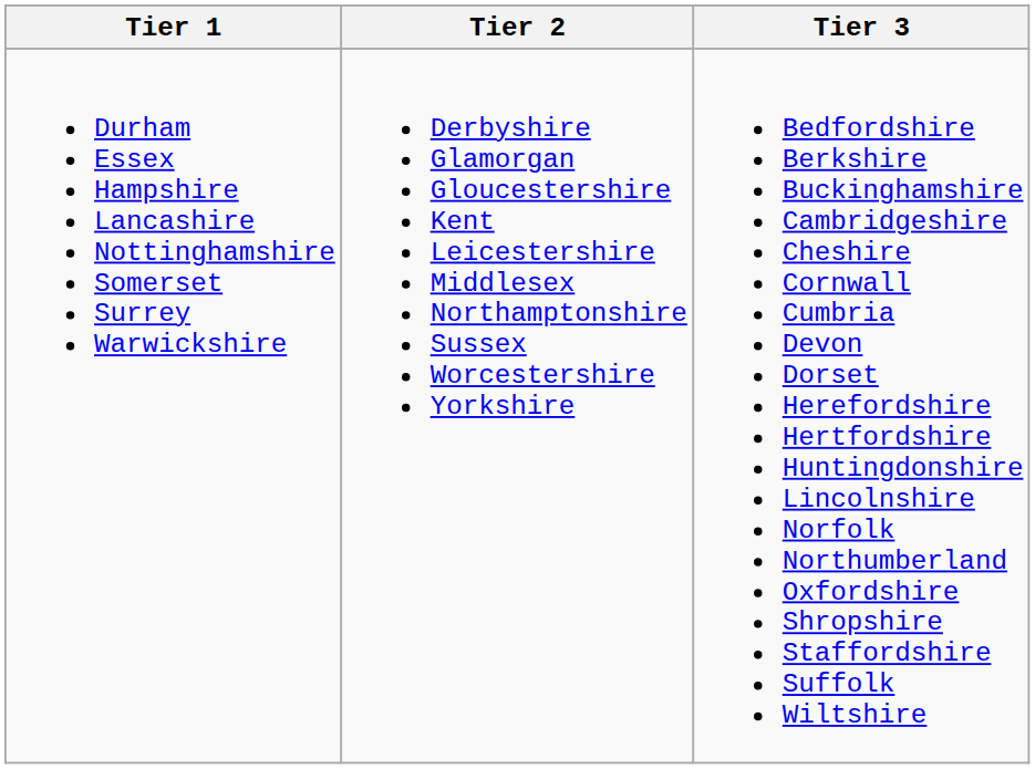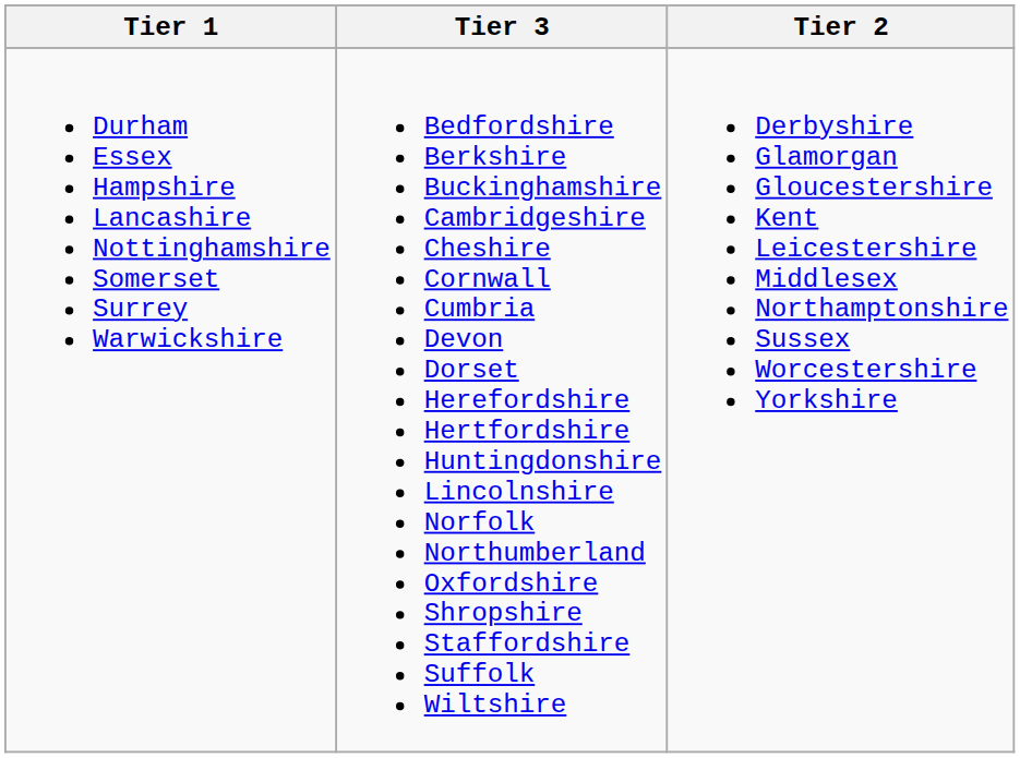 <table class="wikitable">
 <tr>
 <th>Tier 1</th>
+<th>Tier 3</th>
 <th>Tier 2</th>
-<th>Tier 3</th>
 </tr>
 <tr>
 <td valign=top><br><ul><li><a href='#'>Durham</a></li><li><a href='#'>Essex</a></li><li><a href='#'>Hampshire</a></li><li><a href='#'>Lancashire</a></li><li><a href='#'>Nottinghamshire</a></li><li><a href='#'>Somerset</a></li><li><a href='#'>Surrey</a></li><li><a href='#'>Warwickshire</a></li></ul></td>
+<td valign=top><br><ul><li><a href='#'>Bedfordshire</a></li><li><a href='#'>Berkshire</a></li><li><a href='#'>Buckinghamshire</a></li><li><a href='#'>Cambridgeshire</a></li><li><a href='#'>Cheshire</a></li><li><a href='#'>Cornwall</a></li><li><a href='#'>Cumbria</a></li><li><a href='#'>Devon</a></li><li><a href='#'>Dorset</a></li><li><a href='#'>Herefordshire</a></li><li><a href='#'>Hertfordshire</a></li><li><a href='#'>Huntingdonshire</a></li><li><a href='#'>Lincolnshire</a></li><li><a href='#'>Norfolk</a></li><li><a href='#'>Northumberland</a></li><li><a href='#'>Oxfordshire</a></li><li><a href='#'>Shropshire</a></li><li><a href='#'>Staffordshire</a></li><li><a href='#'>Suffolk</a></li><li><a href='#'>Wiltshire</a></li></ul></td>
 <td valign=top><br><ul><li><a href='#'>Derbyshire</a></li><li><a href='#'>Glamorgan</a></li><li><a href='#'>Gloucestershire</a></li><li><a href='#'>Kent</a></li><li><a href='#'>Leicestershire</a></li><li><a href='#'>Middlesex</a></li><li><a href='#'>Northamptonshire</a></li><li><a href='#'>Sussex</a></li><li><a href='#'>Worcestershire</a></li><li><a href='#'>Yorkshire</a></li></ul></td>
-<td valign=top><br><ul><li><a href='#'>Bedfordshire</a></li><li><a href='#'>Berkshire</a></li><li><a href='#'>Buckinghamshire</a></li><li><a href='#'>Cambridgeshire</a></li><li><a href='#'>Cheshire</a></li><li><a href='#'>Cornwall</a></li><li><a href='#'>Cumbria</a></li><li><a href='#'>Devon</a></li><li><a href='#'>Dorset</a></li><li><a href='#'>Herefordshire</a></li><li><a href='#'>Hertfordshire</a></li><li><a href='#'>Huntingdonshire</a></li><li><a href='#'>Lincolnshire</a></li><li><a href='#'>Norfolk</a></li><li><a href='#'>Northumberland</a></li><li><a href='#'>Oxfordshire</a></li><li><a href='#'>Shropshire</a></li><li><a href='#'>Staffordshire</a></li><li><a href='#'>Suffolk</a></li><li><a href='#'>Wiltshire</a></li></ul></td>
 </tr>
 </table>
